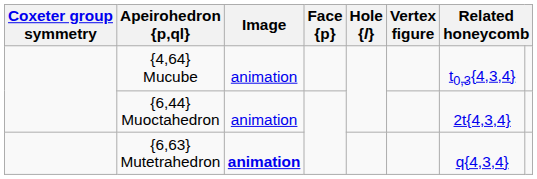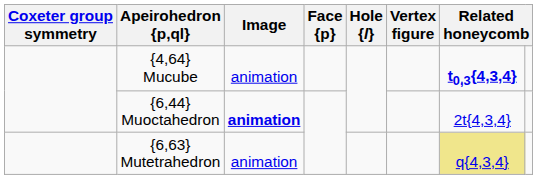 <table class=wikitable>
 <tr>
 <th><a href='#'>Coxeter group</a><br>symmetry</th>
 <th>Apeirohedron<br>{p,ql}</th>
 <th>Image</th>
 <th>Face<br>{p}</th>
 <th>Hole<br>{<em>l</em>}</th>
 <th>Vertex<br>figure</th>
 <th colspan=2>Related<br>honeycomb</th>
 </tr>
 <tr align=center>
 <td rowspan=2><br><br></td>
 <td>{4,64}<br>Mucube</td>
 <td><br><a href='#'>animation</a></td>
 <td></td>
 <td rowspan=2></td>
 <td></td>
-<td><br><a href='#'>t<sub>0,3</sub>{4,3,4}</a></td>
+<td><strong><br><a href='#'>t<sub>0,3</sub>{4,3,4}</a></strong></td>
 <td></td>
 </tr>
 <tr align=center>
 <td>{6,44}<br>Muoctahedron</td>
-<td><br><a href='#'>animation</a></td>
+<td><strong><br><a href='#'>animation</a></strong></td>
 <td rowspan="2"></td>
 <td></td>
 <td><br><a href='#'>2t{4,3,4}</a></td>
 <td></td>
 </tr>
 <tr align=center>
 <td><br><br></td>
 <td>{6,63}<br>Mutetrahedron</td>
-<td><strong><br><a href='#'>animation</a></strong></td>
+<td><br><a href='#'>animation</a></td>
 <td></td>
 <td></td>
-<td><br><a href='#'>q{4,3,4}</a></td>
+<td style="background: khaki;"><br><a href='#'>q{4,3,4}</a></td>
 <td></td>
 </tr>
 </table>
